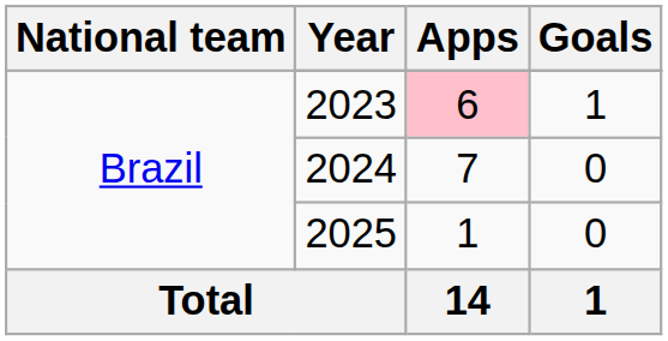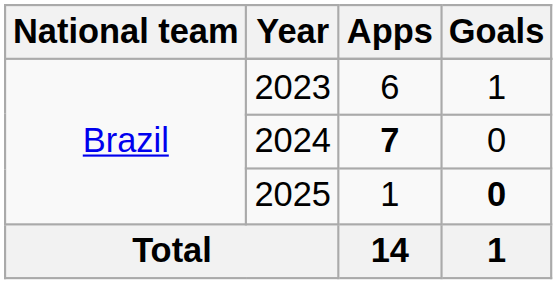 <table class="wikitable" style="text-align: center;">
 <tr>
 <th>National team</th>
 <th>Year</th>
 <th>Apps</th>
 <th>Goals</th>
 </tr>
 <tr>
 <td rowspan="4"><a href='#'>Brazil</a></td>
 </tr>
 <tr>
 <td>2023</td>
-<td style="background: pink;">6</td>
+<td>6</td>
 <td>1</td>
 </tr>
 <tr>
 <td>2024</td>
-<td>7</td>
+<td><strong>7</strong></td>
 <td>0</td>
 </tr>
 <tr>
 <td>2025</td>
 <td>1</td>
-<td>0</td>
+<td><strong>0</strong></td>
 </tr>
 <tr>
 <th colspan="2">Total</th>
 <th>14</th>
 <th>1</th>
 </tr>
 </table>
